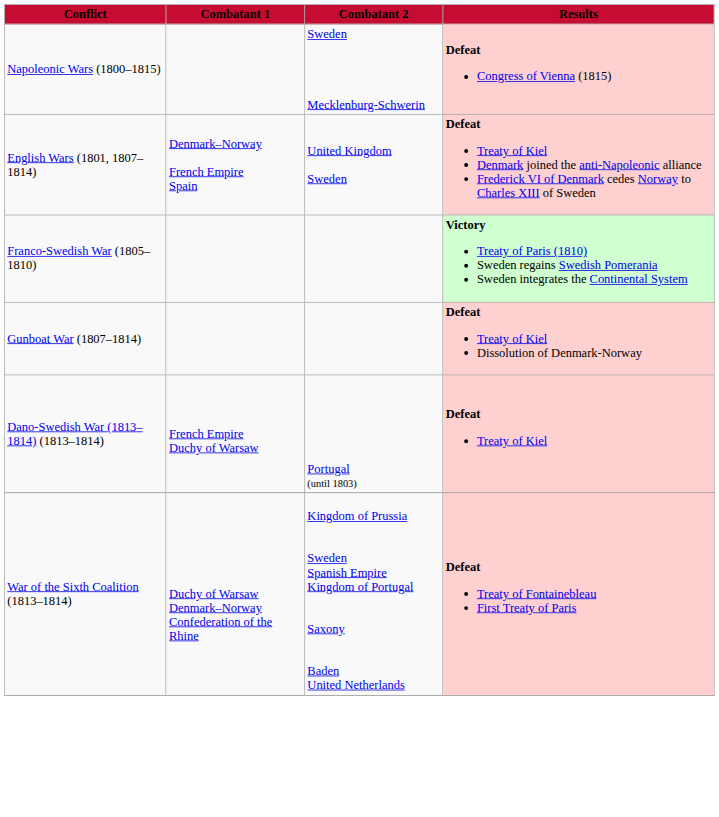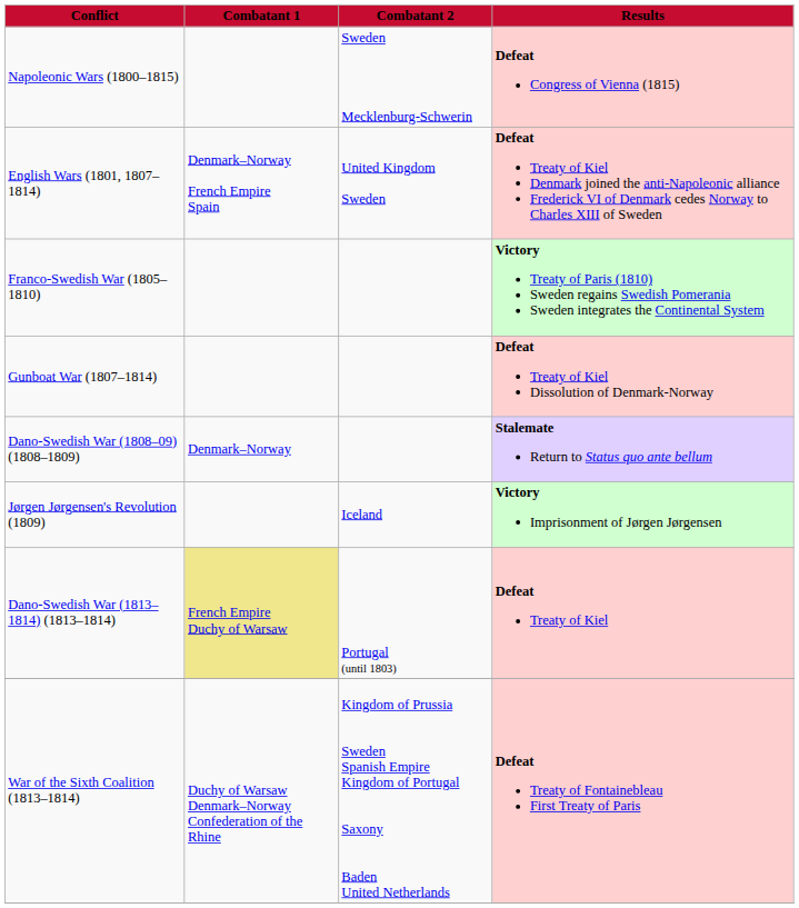 <table class="wikitable">
 <tr>
 <th style="background:#C60C30" rowspan="1" width=200px><span>Conflict</span></th>
 <th style="background:#C60C30" rowspan="1" width=170px><span>Combatant 1</span></th>
 <th style="background:#C60C30" rowspan="1" width=170px><span>Combatant 2</span></th>
 <th style="background:#C60C30" rowspan="1" width=340px><span>Results</span></th>
 </tr>
 <tr>
 <td><a href='#'>Napoleonic Wars</a> (1800–1815)</td>
 <td><br></td>
 <td> <a href='#'>Sweden</a><br><br><br><br><br> <a href='#'>Mecklenburg-Schwerin</a></td>
 <td style="background:#FFD0D0"><strong>Defeat</strong><br><ul><li><a href='#'>Congress of Vienna</a> (1815)</li></ul></td>
 </tr>
 <tr>
 <td><a href='#'>English Wars</a> (1801, 1807–1814)</td>
 <td> <a href='#'>Denmark–Norway</a><br><br> <a href='#'>French Empire</a><br>  <a href='#'>Spain</a></td>
 <td> <a href='#'>United Kingdom</a> <br><br> <a href='#'>Sweden</a></td>
 <td style="background:#FFD0D0"><strong>Defeat</strong><br><ul><li><a href='#'>Treaty of Kiel</a></li><li><a href='#'>Denmark</a> joined the <a href='#'>anti-Napoleonic</a> alliance</li><li><a href='#'>Frederick VI of Denmark</a> cedes <a href='#'>Norway</a> to <a href='#'>Charles XIII</a> of Sweden</li></ul></td>
 </tr>
 <tr>
 <td><a href='#'>Franco-Swedish War</a> (1805–1810)</td>
 <td></td>
 <td></td>
 <td style="background:#D0FFD0"><strong>Victory</strong><br><ul><li><a href='#'>Treaty of Paris (1810)</a></li><li>Sweden regains <a href='#'>Swedish Pomerania</a></li><li>Sweden integrates the <a href='#'>Continental System</a></li></ul></td>
 </tr>
 <tr>
 <td><a href='#'>Gunboat War</a> (1807–1814)</td>
 <td></td>
 <td></td>
 <td style="background:#FFD0D0"><strong>Defeat</strong><br><ul><li><a href='#'>Treaty of Kiel</a></li><li>Dissolution of Denmark-Norway</li></ul></td>
 </tr>
 <tr>
+<td><a href='#'>Dano-Swedish War (1808–09)</a> (1808–1809)</td>
+<td> <a href='#'>Denmark–Norway</a><br></td>
+<td><br></td>
+<td style="background:#E0D0FF"><strong>Stalemate</strong><br><ul><li>Return to <em><a href='#'>Status quo ante bellum</a></em></li></ul></td>
+</tr>
+<tr>
+<td><a href='#'>Jørgen Jørgensen's Revolution</a> (1809)</td>
+<td><br></td>
+<td> <a href='#'>Iceland</a></td>
+<td style="background:#D0FFD0"><strong>Victory</strong><br><ul><li>Imprisonment of Jørgen Jørgensen</li></ul></td>
+</tr>
+<tr>
 <td><a href='#'>Dano-Swedish War (1813–1814)</a> (1813–1814)</td>
-<td><br> <a href='#'>French Empire</a><br> <a href='#'>Duchy of Warsaw</a></td>
+<td style="background: khaki;"><br> <a href='#'>French Empire</a><br> <a href='#'>Duchy of Warsaw</a></td>
 <td><br><br><br><br><br><br> <a href='#'>Portugal</a><br> <small>(until 1803)</small><br></td>
 <td style="background:#FFD0D0"><strong>Defeat</strong><br><ul><li><a href='#'>Treaty of Kiel</a></li></ul></td>
 </tr>
 <tr>
 </tr>
 <tr>
 <td><a href='#'>War of the Sixth Coalition</a> (1813–1814)</td>
 <td><br><br><br> <a href='#'>Duchy of Warsaw</a><br><a href='#'>Denmark–Norway</a><br><a href='#'>Confederation of the Rhine</a></td>
 <td><br> <a href='#'>Kingdom of Prussia</a><br><br><br> <a href='#'>Sweden</a><br> <a href='#'>Spanish Empire</a><br> <a href='#'>Kingdom of Portugal</a><br><br><br> <a href='#'>Saxony</a><br><br><br> <a href='#'>Baden</a><br> <a href='#'>United Netherlands</a></td>
 <td style="background:#FFD0D0"><strong>Defeat</strong><br><ul><li><a href='#'>Treaty of Fontainebleau</a></li><li><a href='#'>First Treaty of Paris</a></li></ul></td>
 </tr>
 <tr>
 </tr>
 </table>
